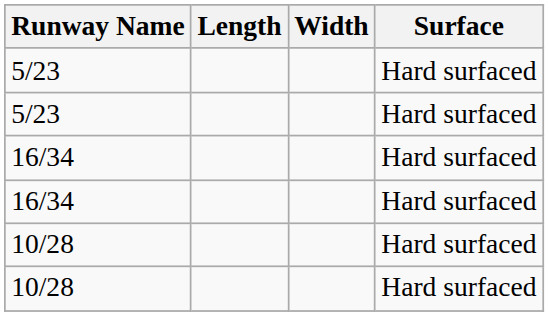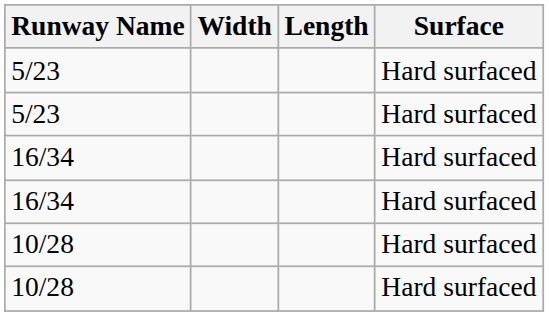 <table class="wikitable">
 <tr>
 <th>Runway Name</th>
+<th>Width</th>
 <th>Length</th>
-<th>Width</th>
 <th>Surface</th>
 </tr>
 <tr>
 <td>5/23</td>
 <td></td>
 <td></td>
 <td>Hard surfaced</td>
 </tr>
 <tr>
 <td>5/23</td>
 <td></td>
 <td></td>
 <td>Hard surfaced</td>
 </tr>
 <tr>
 <td>16/34</td>
 <td></td>
 <td></td>
 <td>Hard surfaced</td>
 </tr>
 <tr>
 <td>16/34</td>
 <td></td>
 <td></td>
 <td>Hard surfaced</td>
 </tr>
 <tr>
 <td>10/28</td>
 <td></td>
 <td></td>
 <td>Hard surfaced</td>
 </tr>
 <tr>
 <td>10/28</td>
 <td></td>
 <td></td>
 <td>Hard surfaced</td>
 </tr>
 </table>
